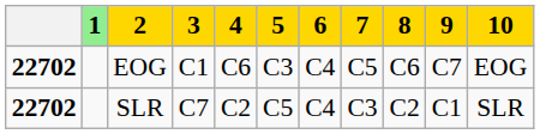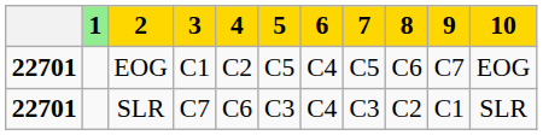 <table class="wikitable plainrowheaders unsortable" style="text-align:center">
 <tr>
 <th></th>
 <th rowspan="1" scope="col" style="background:lightgreen;">1</th>
 <th rowspan="1" scope="col" style="background:#FFD700;">2</th>
 <th rowspan="1" scope="col" style="background:#FFD700;">3</th>
 <th rowspan="1" scope="col" style="background:#FFD700;">4</th>
 <th rowspan="1" scope="col" style="background:#FFD700;">5</th>
 <th rowspan="1" scope="col" style="background:#FFD700;">6</th>
 <th rowspan="1" scope="col" style="background:#FFD700;">7</th>
 <th rowspan="1" scope="col" style="background:#FFD700;">8</th>
 <th rowspan="1" scope="col" style="background:#FFD700;">9</th>
 <th rowspan="1" scope="col" style="background:#FFD700;">10</th>
 </tr>
 <tr>
-<td><strong>22702</strong></td>
+<td><strong>22701</strong></td>
 <td></td>
 <td>EOG</td>
 <td>C1</td>
-<td>C6</td>
-<td>C3</td>
+<td>C2</td>
+<td>C5</td>
 <td>C4</td>
 <td>C5</td>
 <td>C6</td>
 <td>C7</td>
 <td>EOG</td>
 </tr>
 <tr>
-<td><strong>22702</strong></td>
+<td><strong>22701</strong></td>
 <td></td>
 <td>SLR</td>
 <td>C7</td>
-<td>C2</td>
-<td>C5</td>
+<td>C6</td>
+<td>C3</td>
 <td>C4</td>
 <td>C3</td>
 <td>C2</td>
 <td>C1</td>
 <td>SLR</td>
 </tr>
 </table>
